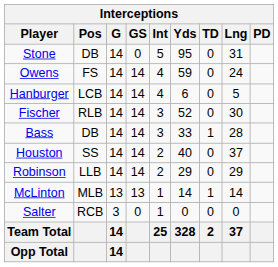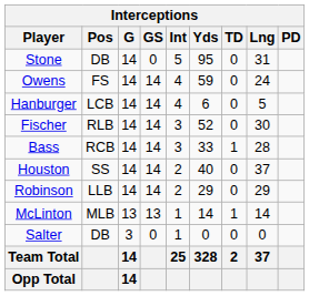 <table class="wikitable" style="text-align:center">
 <tr>
 <th colspan="9">Interceptions</th>
 </tr>
 <tr>
 <th>Player</th>
 <th>Pos</th>
 <th>G</th>
 <th>GS</th>
 <th>Int</th>
 <th>Yds</th>
 <th>TD</th>
 <th>Lng</th>
 <th>PD</th>
 </tr>
 <tr>
 <td><a href='#'>Stone</a></td>
 <td>DB</td>
 <td>14</td>
 <td>0</td>
 <td>5</td>
 <td>95</td>
 <td>0</td>
 <td>31</td>
 <td></td>
 </tr>
 <tr>
 <td><a href='#'>Owens</a></td>
 <td>FS</td>
 <td>14</td>
 <td>14</td>
 <td>4</td>
 <td>59</td>
 <td>0</td>
 <td>24</td>
 <td></td>
 </tr>
 <tr>
 <td><a href='#'>Hanburger</a></td>
 <td>LCB</td>
 <td>14</td>
 <td>14</td>
 <td>4</td>
 <td>6</td>
 <td>0</td>
 <td>5</td>
 <td></td>
 </tr>
 <tr>
 <td><a href='#'>Fischer</a></td>
 <td>RLB</td>
 <td>14</td>
 <td>14</td>
 <td>3</td>
 <td>52</td>
 <td>0</td>
 <td>30</td>
 <td></td>
 </tr>
 <tr>
 <td><a href='#'>Bass</a></td>
-<td>DB</td>
+<td>RCB</td>
 <td>14</td>
 <td>14</td>
 <td>3</td>
 <td>33</td>
 <td>1</td>
 <td>28</td>
 <td></td>
 </tr>
 <tr>
 <td><a href='#'>Houston</a></td>
 <td>SS</td>
 <td>14</td>
 <td>14</td>
 <td>2</td>
 <td>40</td>
 <td>0</td>
 <td>37</td>
 <td></td>
 </tr>
 <tr>
 <td><a href='#'>Robinson</a></td>
 <td>LLB</td>
 <td>14</td>
 <td>14</td>
 <td>2</td>
 <td>29</td>
 <td>0</td>
 <td>29</td>
 <td></td>
 </tr>
 <tr>
 <td><a href='#'>McLinton</a></td>
 <td>MLB</td>
 <td>13</td>
 <td>13</td>
 <td>1</td>
 <td>14</td>
 <td>1</td>
 <td>14</td>
 <td></td>
 </tr>
 <tr>
 <td><a href='#'>Salter</a></td>
-<td>RCB</td>
+<td>DB</td>
 <td>3</td>
 <td>0</td>
 <td>1</td>
 <td>0</td>
 <td>0</td>
 <td>0</td>
 <td></td>
 </tr>
 <tr>
 <th>Team Total</th>
 <th></th>
 <th>14</th>
 <th></th>
 <th>25</th>
 <th>328</th>
 <th>2</th>
 <th>37</th>
 <th></th>
 </tr>
 <tr>
 <th>Opp Total</th>
 <th></th>
 <th>14</th>
 <th></th>
 <th></th>
 <th></th>
 <th></th>
 <th></th>
 <th></th>
 </tr>
 </table>
